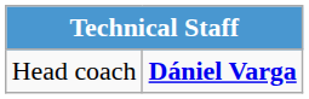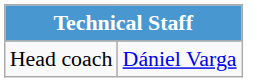 <table class=wikitable bgcolor="white" cellpadding="3" cellspacing="0" border="1" style="font-size: 95%; border-collapse: collapse;">
 <tr>
 <th colspan="2" style="margin:0.7em;color:#FFFFFF;text-align:center;background:#4997D0">Technical Staff</th>
 </tr>
 <tr>
 <td align="left">Head coach</td>
-<td align="left"><strong> <a href='#'>Dániel Varga</a></strong></td>
+<td align="left"> <a href='#'>Dániel Varga</a></td>
 </tr>
 </table>
